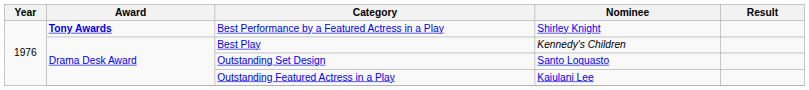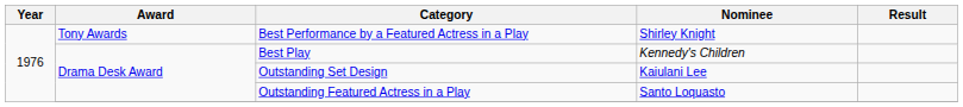 <table class="wikitable sortable" style="width: 99%;">
 <tr>
 <th scope="col" style="width:5%;">Year</th>
 <th scope="col" style="width:20%;">Award</th>
 <th scope="col" style="width:38%;">Category</th>
 <th scope="col" style="width:22%;">Nominee</th>
 <th scope="col" style="width:10%;">Result</th>
 </tr>
 <tr>
 <td rowspan="19" style="text-align:center;">1976</td>
-<td><strong><a href='#'>Tony Awards</a></strong></td>
+<td><a href='#'>Tony Awards</a></td>
 <td><a href='#'>Best Performance by a Featured Actress in a Play</a></td>
 <td><a href='#'>Shirley Knight</a></td>
 <td></td>
 </tr>
 <tr>
 <td rowspan="3"><a href='#'>Drama Desk Award</a></td>
 <td><a href='#'>Best Play</a></td>
 <td><em>Kennedy's Children</em></td>
 <td></td>
 </tr>
 <tr>
 <td><a href='#'>Outstanding Set Design</a></td>
-<td><a href='#'>Santo Loquasto</a></td>
+<td><a href='#'>Kaiulani Lee</a></td>
 <td></td>
 </tr>
 <tr>
 <td><a href='#'>Outstanding Featured Actress in a Play</a></td>
-<td><a href='#'>Kaiulani Lee</a></td>
+<td><a href='#'>Santo Loquasto</a></td>
 <td></td>
 </tr>
 <tr>
 </tr>
 </table>
